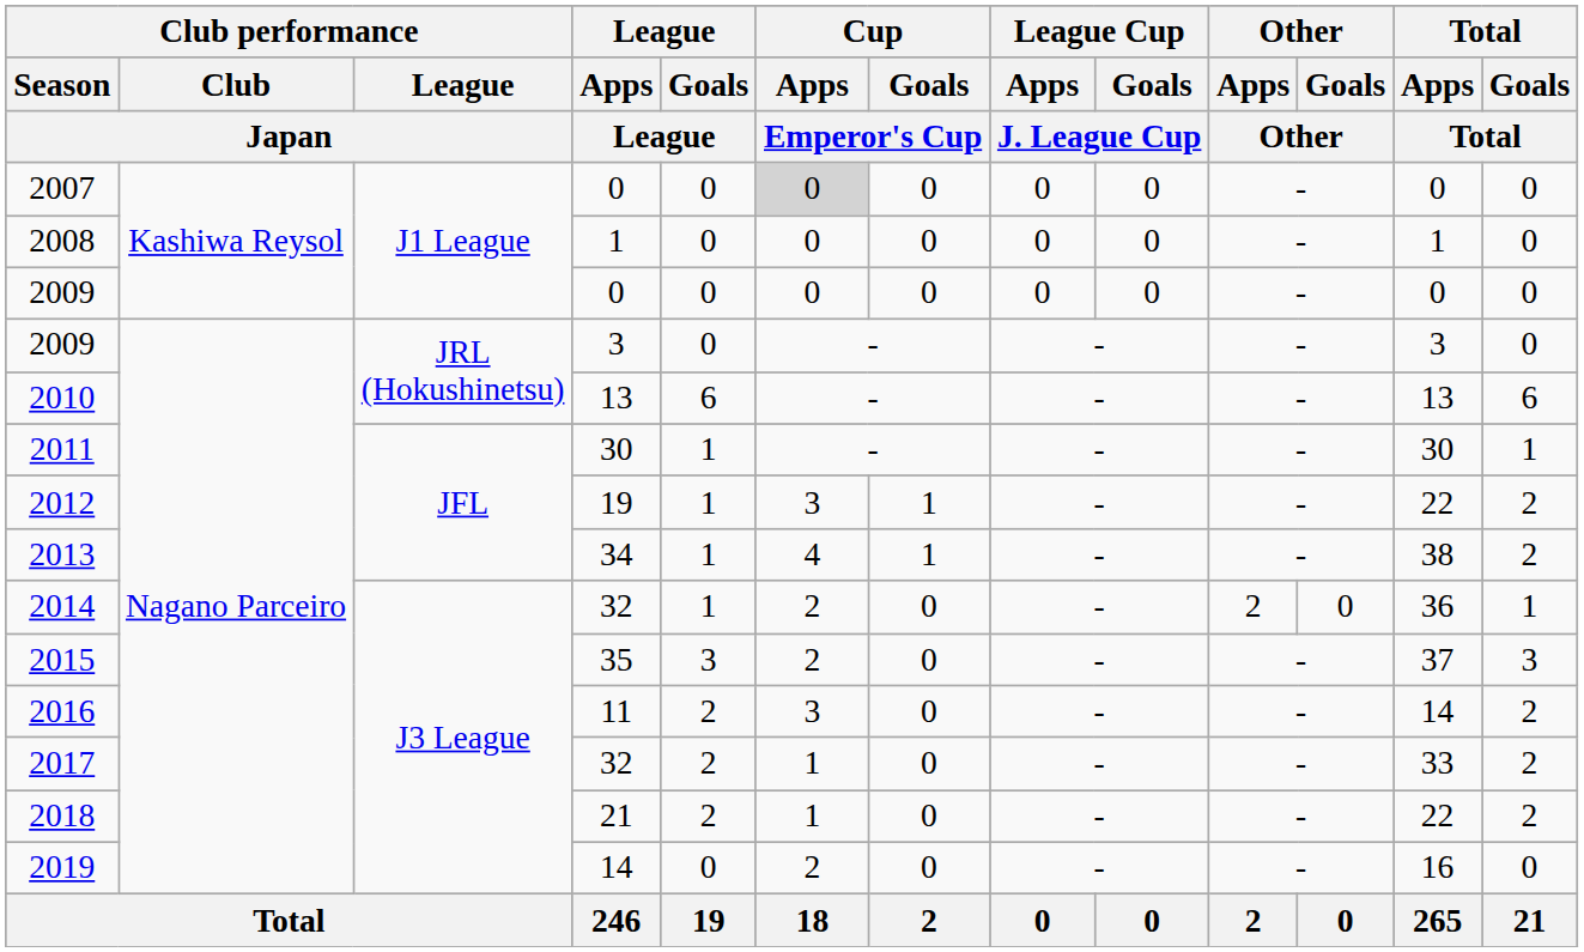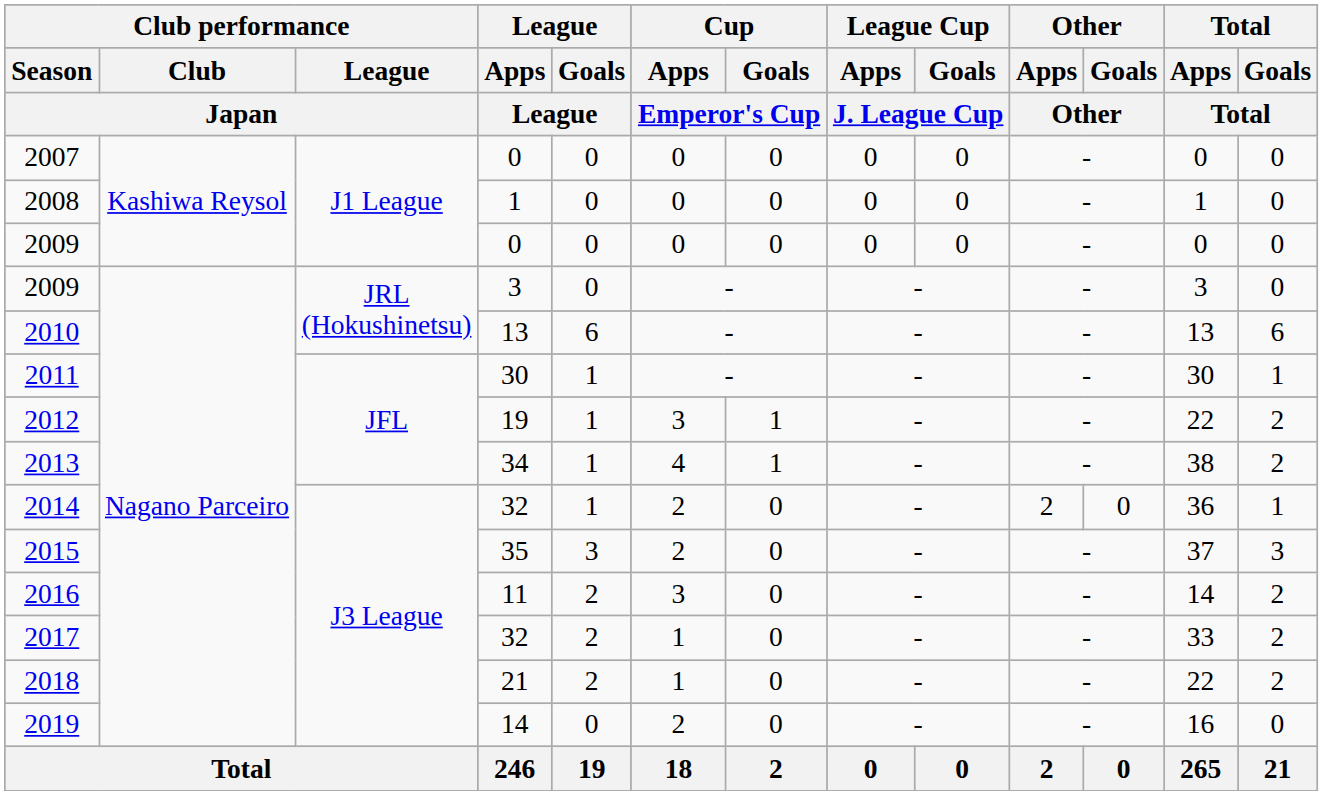 <table class="wikitable" style="text-align:center;">
 <tr>
 <th colspan=3>Club performance</th>
 <th colspan=2>League</th>
 <th colspan=2>Cup</th>
 <th colspan=2>League Cup</th>
 <th colspan=2>Other</th>
 <th colspan=2>Total</th>
 </tr>
 <tr>
 <th>Season</th>
 <th>Club</th>
 <th>League</th>
 <th>Apps</th>
 <th>Goals</th>
 <th>Apps</th>
 <th>Goals</th>
 <th>Apps</th>
 <th>Goals</th>
 <th>Apps</th>
 <th>Goals</th>
 <th>Apps</th>
 <th>Goals</th>
 </tr>
 <tr>
 <th colspan=3>Japan</th>
 <th colspan=2>League</th>
 <th colspan=2><a href='#'>Emperor's Cup</a></th>
 <th colspan=2><a href='#'>J. League Cup</a></th>
 <th colspan=2>Other</th>
 <th colspan=2>Total</th>
 </tr>
 <tr>
 <td>2007</td>
 <td rowspan="3"><a href='#'>Kashiwa Reysol</a></td>
 <td rowspan="3"><a href='#'>J1 League</a></td>
 <td>0</td>
 <td>0</td>
-<td style="background: lightgrey;">0</td>
+<td>0</td>
 <td>0</td>
 <td>0</td>
 <td>0</td>
 <td colspan="2">-</td>
 <td>0</td>
 <td>0</td>
 </tr>
 <tr>
 <td>2008</td>
 <td>1</td>
 <td>0</td>
 <td>0</td>
 <td>0</td>
 <td>0</td>
 <td>0</td>
 <td colspan="2">-</td>
 <td>1</td>
 <td>0</td>
 </tr>
 <tr>
 <td>2009</td>
 <td>0</td>
 <td>0</td>
 <td>0</td>
 <td>0</td>
 <td>0</td>
 <td>0</td>
 <td colspan="2">-</td>
 <td>0</td>
 <td>0</td>
 </tr>
 <tr>
 <td>2009</td>
 <td rowspan="11"><a href='#'>Nagano Parceiro</a></td>
 <td rowspan="2"><a href='#'>JRL<br>(Hokushinetsu)</a></td>
 <td>3</td>
 <td>0</td>
 <td colspan="2">-</td>
 <td colspan="2">-</td>
 <td colspan="2">-</td>
 <td>3</td>
 <td>0</td>
 </tr>
 <tr>
 <td><a href='#'>2010</a></td>
 <td>13</td>
 <td>6</td>
 <td colspan="2">-</td>
 <td colspan="2">-</td>
 <td colspan="2">-</td>
 <td>13</td>
 <td>6</td>
 </tr>
 <tr>
 <td><a href='#'>2011</a></td>
 <td rowspan="3"><a href='#'>JFL</a></td>
 <td>30</td>
 <td>1</td>
 <td colspan="2">-</td>
 <td colspan="2">-</td>
 <td colspan="2">-</td>
 <td>30</td>
 <td>1</td>
 </tr>
 <tr>
 <td><a href='#'>2012</a></td>
 <td>19</td>
 <td>1</td>
 <td>3</td>
 <td>1</td>
 <td colspan="2">-</td>
 <td colspan="2">-</td>
 <td>22</td>
 <td>2</td>
 </tr>
 <tr>
 <td><a href='#'>2013</a></td>
 <td>34</td>
 <td>1</td>
 <td>4</td>
 <td>1</td>
 <td colspan="2">-</td>
 <td colspan="2">-</td>
 <td>38</td>
 <td>2</td>
 </tr>
 <tr>
 <td><a href='#'>2014</a></td>
 <td rowspan="6"><a href='#'>J3 League</a></td>
 <td>32</td>
 <td>1</td>
 <td>2</td>
 <td>0</td>
 <td colspan="2">-</td>
 <td>2</td>
 <td>0</td>
 <td>36</td>
 <td>1</td>
 </tr>
 <tr>
 <td><a href='#'>2015</a></td>
 <td>35</td>
 <td>3</td>
 <td>2</td>
 <td>0</td>
 <td colspan="2">-</td>
 <td colspan="2">-</td>
 <td>37</td>
 <td>3</td>
 </tr>
 <tr>
 <td><a href='#'>2016</a></td>
 <td>11</td>
 <td>2</td>
 <td>3</td>
 <td>0</td>
 <td colspan="2">-</td>
 <td colspan="2">-</td>
 <td>14</td>
 <td>2</td>
 </tr>
 <tr>
 <td><a href='#'>2017</a></td>
 <td>32</td>
 <td>2</td>
 <td>1</td>
 <td>0</td>
 <td colspan="2">-</td>
 <td colspan="2">-</td>
 <td>33</td>
 <td>2</td>
 </tr>
 <tr>
 <td><a href='#'>2018</a></td>
 <td>21</td>
 <td>2</td>
 <td>1</td>
 <td>0</td>
 <td colspan="2">-</td>
 <td colspan="2">-</td>
 <td>22</td>
 <td>2</td>
 </tr>
 <tr>
 <td><a href='#'>2019</a></td>
 <td>14</td>
 <td>0</td>
 <td>2</td>
 <td>0</td>
 <td colspan="2">-</td>
 <td colspan="2">-</td>
 <td>16</td>
 <td>0</td>
 </tr>
 <tr>
 <th colspan=3>Total</th>
 <th>246</th>
 <th>19</th>
 <th>18</th>
 <th>2</th>
 <th>0</th>
 <th>0</th>
 <th>2</th>
 <th>0</th>
 <th>265</th>
 <th>21</th>
 </tr>
 </table>
